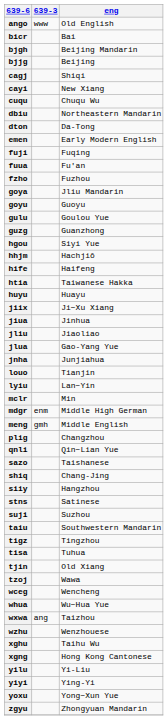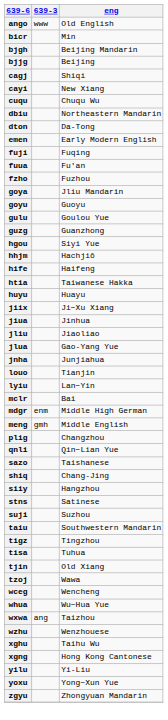 <table class='wikitable sortable' style='font-family:monospace'>
 <tr style='background: #EFEFEF;white-space:nowrap;'>
 <th><a href='#'>639-6</a></th>
 <th><a href='#'>639-3</a></th>
 <th><a href='#'>eng</a></th>
 </tr>
 <tr>
 <th>ango</th>
 <td>www</td>
 <td>Old English</td>
 </tr>
 <tr>
 <th>bicr</th>
 <td></td>
-<td>Bai</td>
+<td>Min</td>
 </tr>
 <tr>
 <th>bjgh</th>
 <td></td>
 <td>Beijing Mandarin</td>
 </tr>
 <tr>
 <th>bjjg</th>
 <td></td>
 <td>Beijing</td>
 </tr>
 <tr>
 <th>cagj</th>
 <td></td>
 <td>Shiqi</td>
 </tr>
 <tr>
 <th>cayi</th>
 <td></td>
 <td>New Xiang</td>
 </tr>
 <tr>
 <th>cuqu</th>
 <td></td>
 <td>Chuqu Wu</td>
 </tr>
 <tr>
 <th>dbiu</th>
 <td></td>
 <td>Northeastern Mandarin</td>
 </tr>
 <tr>
 <th>dton</th>
 <td></td>
 <td>Da-Tong</td>
 </tr>
 <tr>
 <th>emen</th>
 <td></td>
 <td>Early Modern English</td>
 </tr>
 <tr>
 <th>fuji</th>
 <td></td>
 <td>Fuqing</td>
 </tr>
 <tr>
 <th>fuua</th>
 <td></td>
 <td>Fu'an</td>
 </tr>
 <tr>
 <th>fzho</th>
 <td></td>
 <td>Fuzhou</td>
 </tr>
 <tr>
 <th>goya</th>
 <td></td>
 <td>Jliu Mandarin</td>
 </tr>
 <tr>
 <th>goyu</th>
 <td></td>
 <td>Guoyu</td>
 </tr>
 <tr>
 <th>gulu</th>
 <td></td>
 <td>Goulou Yue</td>
 </tr>
 <tr>
 <th>guzg</th>
 <td></td>
 <td>Guanzhong</td>
 </tr>
 <tr>
 <th>hgou</th>
 <td></td>
 <td>Siyi Yue</td>
 </tr>
 <tr>
 <th>hhjm</th>
 <td></td>
 <td>Hachjiō</td>
 </tr>
 <tr>
 <th>hife</th>
 <td></td>
 <td>Haifeng</td>
 </tr>
 <tr>
 <th>htia</th>
 <td></td>
 <td>Taiwanese Hakka</td>
 </tr>
 <tr>
 <th>huyu</th>
 <td></td>
 <td>Huayu</td>
 </tr>
 <tr>
 <th>jiix</th>
 <td></td>
 <td>Ji−Xu Xiang</td>
 </tr>
 <tr>
 <th>jiua</th>
 <td></td>
 <td>Jinhua</td>
 </tr>
 <tr>
 <th>jliu</th>
 <td></td>
 <td>Jiaoliao</td>
 </tr>
 <tr>
 <th>jlua</th>
 <td></td>
 <td>Gao-Yang Yue</td>
 </tr>
 <tr>
 <th>jnha</th>
 <td></td>
 <td>Junjiahua</td>
 </tr>
 <tr>
 <th>louo</th>
 <td></td>
 <td>Tianjin</td>
 </tr>
 <tr>
 <th>lyiu</th>
 <td></td>
 <td>Lan−Yin</td>
 </tr>
 <tr>
 <th>mclr</th>
 <td></td>
-<td>Min</td>
+<td>Bai</td>
 </tr>
 <tr>
 <th>mdgr</th>
 <td>enm</td>
 <td>Middle High German</td>
 </tr>
 <tr>
 <th>meng</th>
 <td>gmh</td>
 <td>Middle English</td>
 </tr>
 <tr>
 <th>plig</th>
 <td></td>
 <td>Changzhou</td>
 </tr>
 <tr>
 <th>qnli</th>
 <td></td>
 <td>Qin−Lian Yue</td>
 </tr>
 <tr>
 <th>sazo</th>
 <td></td>
 <td>Taishanese</td>
 </tr>
 <tr>
 <th>shiq</th>
 <td></td>
 <td>Chang-Jing</td>
 </tr>
 <tr>
 <th>siiy</th>
 <td></td>
 <td>Hangzhou</td>
 </tr>
 <tr>
 <th>stns</th>
 <td></td>
 <td>Satinese</td>
 </tr>
 <tr>
 <th>suji</th>
 <td></td>
 <td>Suzhou</td>
 </tr>
 <tr>
 <th>taiu</th>
 <td></td>
 <td>Southwestern Mandarin</td>
 </tr>
 <tr>
 <th>tigz</th>
 <td></td>
 <td>Tingzhou</td>
 </tr>
 <tr>
 <th>tisa</th>
 <td></td>
 <td>Tuhua</td>
 </tr>
 <tr>
 <th>tjin</th>
 <td></td>
 <td>Old Xiang</td>
 </tr>
 <tr>
 <th>tzoj</th>
 <td></td>
 <td>Wawa</td>
 </tr>
 <tr>
 <th>wceg</th>
 <td></td>
 <td>Wencheng</td>
 </tr>
 <tr>
 <th>whua</th>
 <td></td>
 <td>Wu−Hua Yue</td>
 </tr>
 <tr>
 <th>wxwa</th>
 <td>ang</td>
 <td>Taizhou</td>
 </tr>
 <tr>
 <th>wzhu</th>
 <td></td>
 <td>Wenzhouese</td>
 </tr>
 <tr>
 <th>xghu</th>
 <td></td>
 <td>Taihu Wu</td>
 </tr>
 <tr>
 <th>xgng</th>
 <td></td>
 <td>Hong Kong Cantonese</td>
 </tr>
 <tr>
 <th>yilu</th>
 <td></td>
 <td>Yi-Liu</td>
 </tr>
 <tr>
-<th>yiyi</th>
-<td></td>
-<td>Ying-Yi</td>
-</tr>
-<tr>
 <th>yoxu</th>
 <td></td>
 <td>Yong−Xun Yue</td>
 </tr>
 <tr>
 <th>zgyu</th>
 <td></td>
 <td>Zhongyuan Mandarin</td>
 </tr>
 <tr>
 </tr>
 </table>
